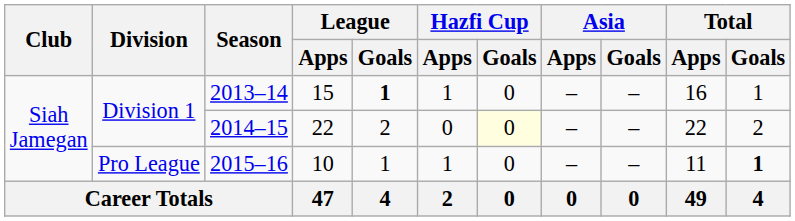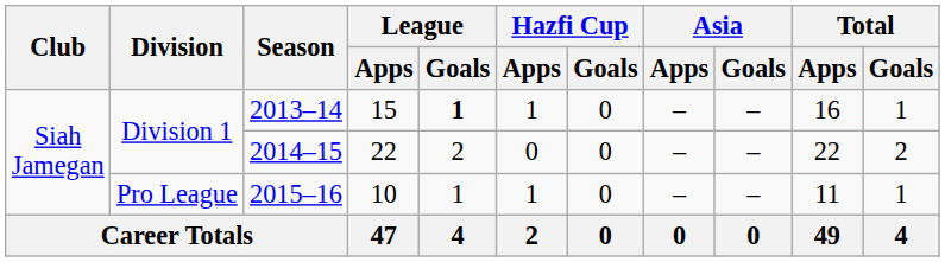 <table class="wikitable" style="text-align: center;">
 <tr>
 <th rowspan="2">Club</th>
 <th rowspan="2">Division</th>
 <th rowspan="2">Season</th>
 <th colspan="2">League</th>
 <th colspan="2"><a href='#'>Hazfi Cup</a></th>
 <th colspan="2"><a href='#'>Asia</a></th>
 <th colspan="2">Total</th>
 </tr>
 <tr>
 <th>Apps</th>
 <th>Goals</th>
 <th>Apps</th>
 <th>Goals</th>
 <th>Apps</th>
 <th>Goals</th>
 <th>Apps</th>
 <th>Goals</th>
 </tr>
 <tr>
 <td rowspan="3"><a href='#'>Siah<br>Jamegan</a></td>
 <td rowspan="2"><a href='#'>Division 1</a></td>
 <td><a href='#'>2013–14</a></td>
 <td>15</td>
 <td><strong>1</strong></td>
 <td>1</td>
 <td>0</td>
 <td>–</td>
 <td>–</td>
 <td>16</td>
 <td>1</td>
 </tr>
 <tr>
 <td><a href='#'>2014–15</a></td>
 <td>22</td>
 <td>2</td>
 <td>0</td>
-<td style="background: lightyellow;">0</td>
+<td>0</td>
 <td>–</td>
 <td>–</td>
 <td>22</td>
 <td>2</td>
 </tr>
 <tr>
 <td><a href='#'>Pro League</a></td>
 <td><a href='#'>2015–16</a></td>
 <td>10</td>
 <td>1</td>
 <td>1</td>
 <td>0</td>
 <td>–</td>
 <td>–</td>
 <td>11</td>
-<td><strong>1</strong></td>
+<td>1</td>
 </tr>
 <tr>
 <th colspan=3>Career Totals</th>
 <th>47</th>
 <th>4</th>
 <th>2</th>
 <th>0</th>
 <th>0</th>
 <th>0</th>
 <th>49</th>
 <th>4</th>
 </tr>
 </table>
